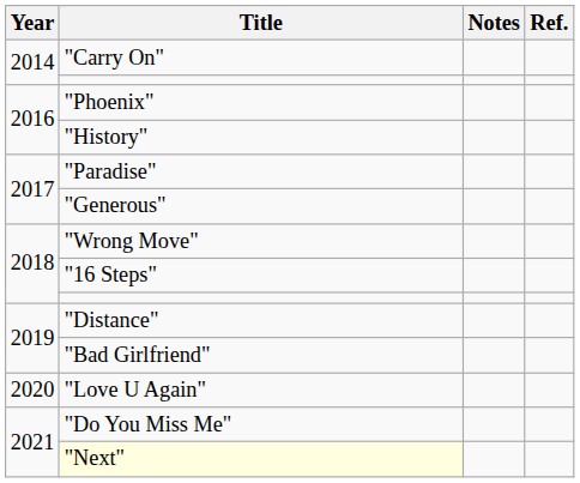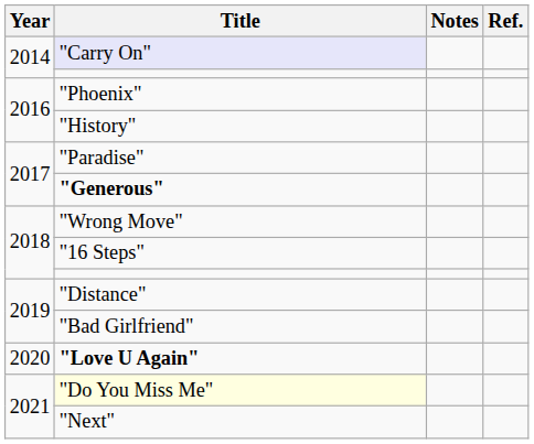 <table class="wikitable">
 <tr>
 <th>Year</th>
 <th scope="col" style="width:18em;">Title</th>
 <th>Notes</th>
 <th>Ref.</th>
 </tr>
 <tr>
 <td rowspan="2">2014</td>
-<td scope="row">"Carry On"</td>
+<td scope="row" style="background: lavender;">"Carry On"</td>
 <td></td>
 <td></td>
 </tr>
 <tr>
 <td scope="row"></td>
 <td></td>
 <td></td>
 </tr>
 <tr>
 <td rowspan="2">2016</td>
 <td scope="row">"Phoenix"</td>
 <td></td>
 <td></td>
 </tr>
 <tr>
 <td scope="row">"History"</td>
 <td></td>
 <td></td>
 </tr>
 <tr>
 <td rowspan="2">2017</td>
 <td scope="row">"Paradise"</td>
 <td></td>
 <td></td>
 </tr>
 <tr>
-<td scope="row">"Generous"</td>
+<td scope="row"><strong>"Generous"</strong></td>
 <td></td>
 <td></td>
 </tr>
 <tr>
 <td rowspan="3">2018</td>
 <td scope="row">"Wrong Move"</td>
 <td></td>
 <td></td>
 </tr>
 <tr>
 <td scope="row">"16 Steps"</td>
 <td></td>
 <td></td>
 </tr>
 <tr>
 <td scope="row"></td>
 <td></td>
 <td></td>
 </tr>
 <tr>
 <td rowspan="2">2019</td>
 <td scope="row">"Distance"</td>
 <td></td>
 <td></td>
 </tr>
 <tr>
 <td scope="row">"Bad Girlfriend"</td>
 <td></td>
 <td></td>
 </tr>
 <tr>
 <td>2020</td>
-<td scope="row">"Love U Again"</td>
+<td scope="row"><strong>"Love U Again"</strong></td>
 <td></td>
 <td></td>
 </tr>
 <tr>
 <td rowspan="2">2021</td>
-<td scope="row">"Do You Miss Me"</td>
+<td scope="row" style="background: lightyellow;">"Do You Miss Me"</td>
 <td></td>
 <td></td>
 </tr>
 <tr>
-<td scope="row" style="background: lightyellow;">"Next"</td>
+<td scope="row">"Next"</td>
 <td></td>
 <td></td>
 </tr>
 </table>
